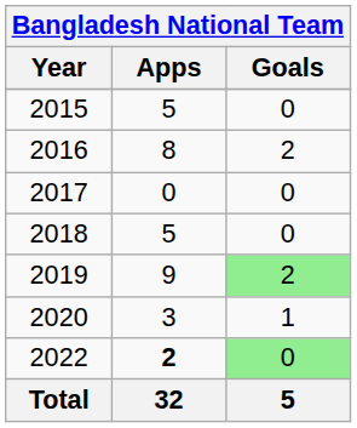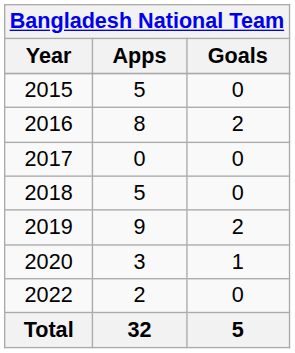 <table class="wikitable" style="text-align:center">
 <tr>
 <th colspan=3><a href='#'>Bangladesh National Team</a></th>
 </tr>
 <tr>
 <th>Year</th>
 <th>Apps</th>
 <th>Goals</th>
 </tr>
 <tr>
 </tr>
 <tr>
 <td>2015</td>
 <td>5</td>
 <td>0</td>
 </tr>
 <tr>
 <td>2016</td>
 <td>8</td>
 <td>2</td>
 </tr>
 <tr>
 <td>2017</td>
 <td>0</td>
 <td>0</td>
 </tr>
 <tr>
 <td>2018</td>
 <td>5</td>
 <td>0</td>
 </tr>
 <tr>
 <td>2019</td>
 <td>9</td>
-<td style="background: lightgreen;">2</td>
+<td>2</td>
 </tr>
 <tr>
 <td>2020</td>
 <td>3</td>
 <td>1</td>
 </tr>
 <tr>
 <td>2022</td>
-<td><strong>2</strong></td>
-<td style="background: lightgreen;">0</td>
+<td>2</td>
+<td>0</td>
 </tr>
 <tr>
 <th colspan=1>Total</th>
 <th>32</th>
 <th>5</th>
 </tr>
 </table>
